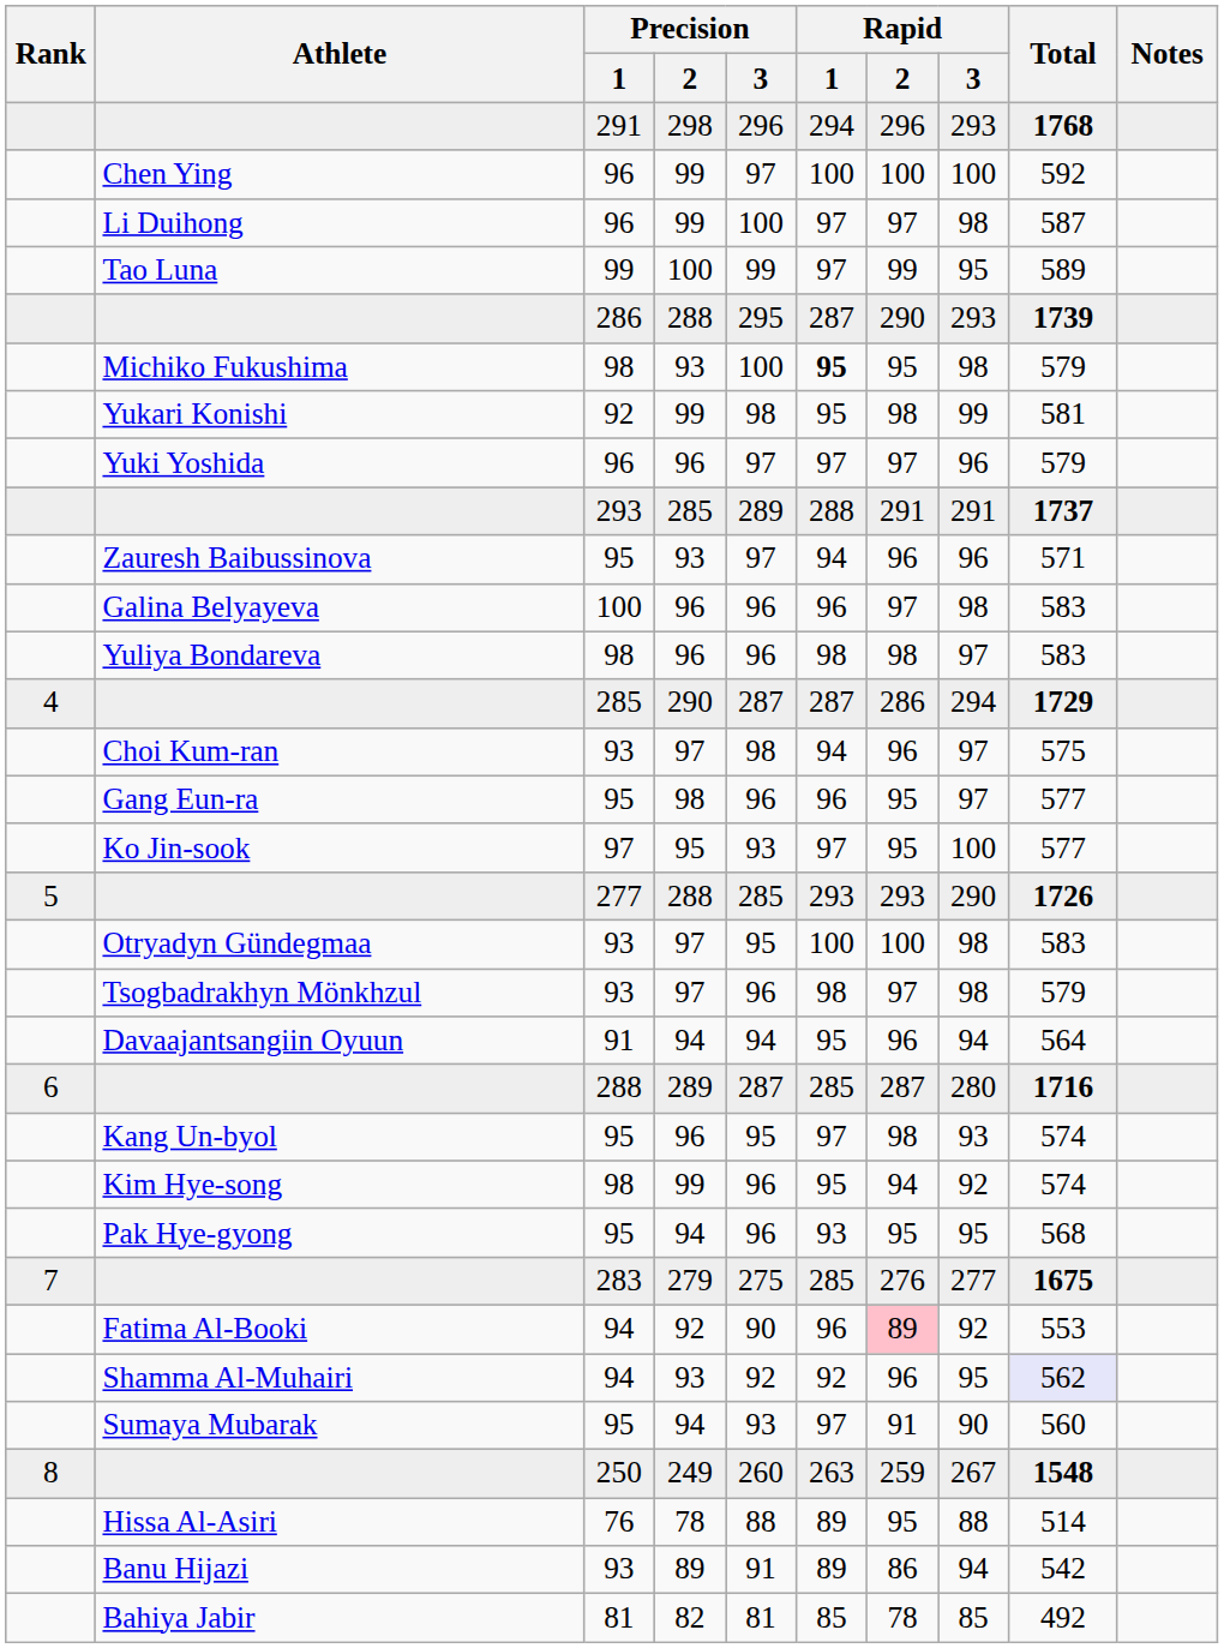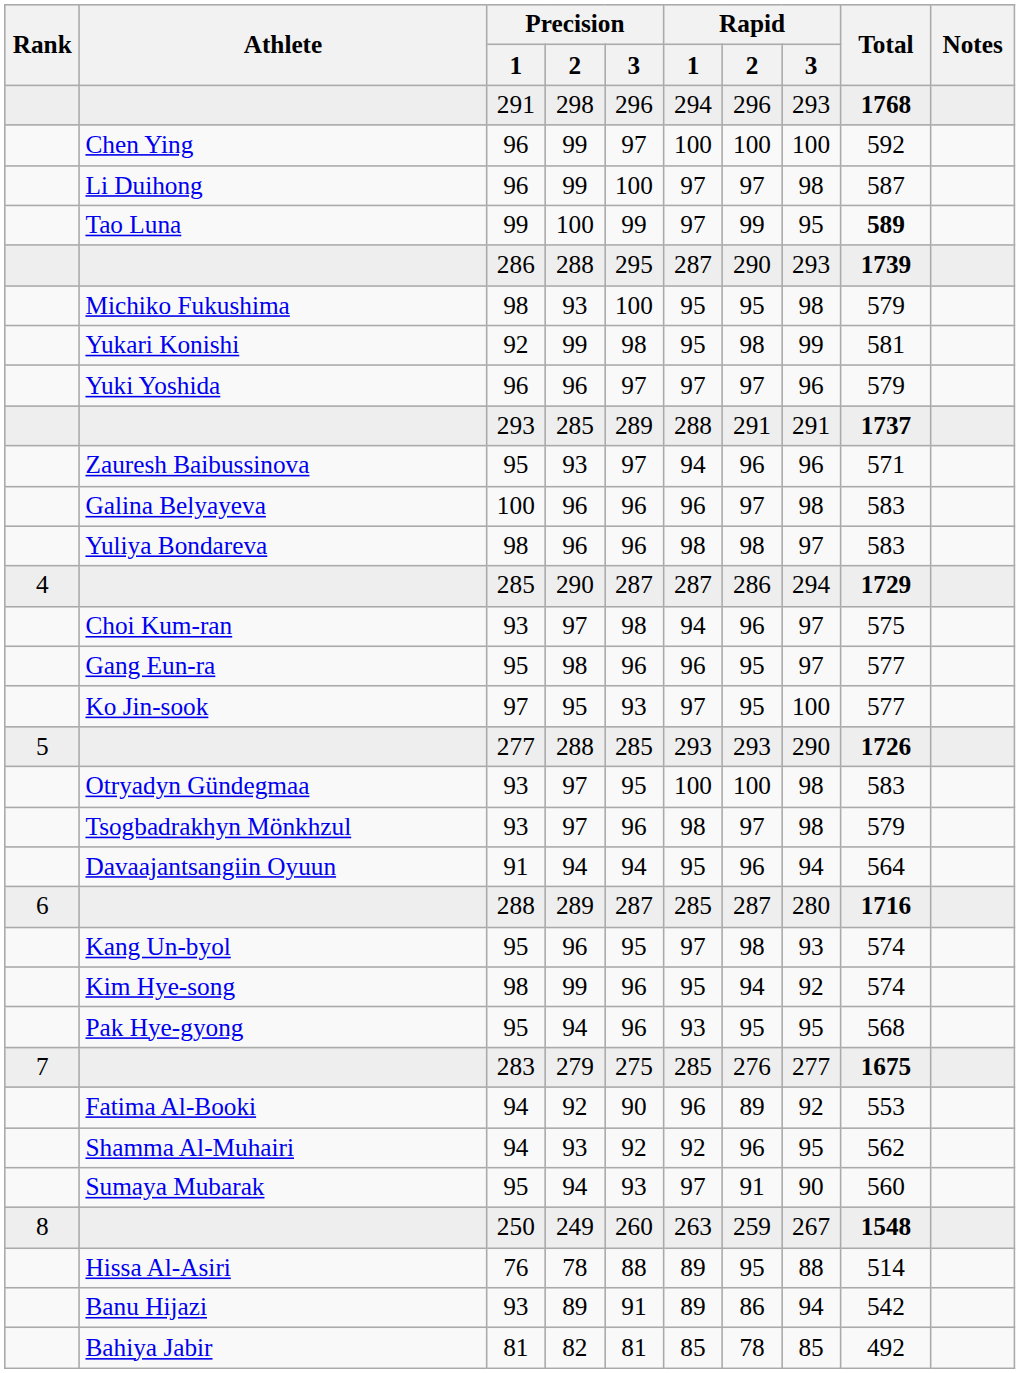 <table class="wikitable" style="text-align:center">
 <tr>
 <th rowspan=2 width=40>Rank</th>
 <th rowspan=2 width=250>Athlete</th>
 <th colspan=3>Precision</th>
 <th colspan=3>Rapid</th>
 <th rowspan=2 width=50>Total</th>
 <th rowspan=2 width=45>Notes</th>
 </tr>
 <tr>
 <th width=30>1</th>
 <th width=30>2</th>
 <th width=30>3</th>
 <th width=30>1</th>
 <th width=30>2</th>
 <th width=30>3</th>
 </tr>
 <tr bgcolor=eeeeee>
 <td></td>
 <td align=left></td>
 <td>291</td>
 <td>298</td>
 <td>296</td>
 <td>294</td>
 <td>296</td>
 <td>293</td>
 <td><strong>1768</strong></td>
 <td></td>
 </tr>
 <tr>
 <td></td>
 <td align=left><a href='#'>Chen Ying</a></td>
 <td>96</td>
 <td>99</td>
 <td>97</td>
 <td>100</td>
 <td>100</td>
 <td>100</td>
 <td>592</td>
 <td></td>
 </tr>
 <tr>
 <td></td>
 <td align=left><a href='#'>Li Duihong</a></td>
 <td>96</td>
 <td>99</td>
 <td>100</td>
 <td>97</td>
 <td>97</td>
 <td>98</td>
 <td>587</td>
 <td></td>
 </tr>
 <tr>
 <td></td>
 <td align=left><a href='#'>Tao Luna</a></td>
 <td>99</td>
 <td>100</td>
 <td>99</td>
 <td>97</td>
 <td>99</td>
 <td>95</td>
-<td>589</td>
+<td><strong>589</strong></td>
 <td></td>
 </tr>
 <tr bgcolor=eeeeee>
 <td></td>
 <td align=left></td>
 <td>286</td>
 <td>288</td>
 <td>295</td>
 <td>287</td>
 <td>290</td>
 <td>293</td>
 <td><strong>1739</strong></td>
 <td></td>
 </tr>
 <tr>
 <td></td>
 <td align=left><a href='#'>Michiko Fukushima</a></td>
 <td>98</td>
 <td>93</td>
 <td>100</td>
-<td><strong>95</strong></td>
+<td>95</td>
 <td>95</td>
 <td>98</td>
 <td>579</td>
 <td></td>
 </tr>
 <tr>
 <td></td>
 <td align=left><a href='#'>Yukari Konishi</a></td>
 <td>92</td>
 <td>99</td>
 <td>98</td>
 <td>95</td>
 <td>98</td>
 <td>99</td>
 <td>581</td>
 <td></td>
 </tr>
 <tr>
 <td></td>
 <td align=left><a href='#'>Yuki Yoshida</a></td>
 <td>96</td>
 <td>96</td>
 <td>97</td>
 <td>97</td>
 <td>97</td>
 <td>96</td>
 <td>579</td>
 </tr>
 <tr bgcolor=eeeeee>
 <td></td>
 <td align=left></td>
 <td>293</td>
 <td>285</td>
 <td>289</td>
 <td>288</td>
 <td>291</td>
 <td>291</td>
 <td><strong>1737</strong></td>
 <td></td>
 </tr>
 <tr>
 <td></td>
 <td align=left><a href='#'>Zauresh Baibussinova</a></td>
 <td>95</td>
 <td>93</td>
 <td>97</td>
 <td>94</td>
 <td>96</td>
 <td>96</td>
 <td>571</td>
 <td></td>
 </tr>
 <tr>
 <td></td>
 <td align=left><a href='#'>Galina Belyayeva</a></td>
 <td>100</td>
 <td>96</td>
 <td>96</td>
 <td>96</td>
 <td>97</td>
 <td>98</td>
 <td>583</td>
 <td></td>
 </tr>
 <tr>
 <td></td>
 <td align=left><a href='#'>Yuliya Bondareva</a></td>
 <td>98</td>
 <td>96</td>
 <td>96</td>
 <td>98</td>
 <td>98</td>
 <td>97</td>
 <td>583</td>
 <td></td>
 </tr>
 <tr bgcolor=eeeeee>
 <td>4</td>
 <td align=left></td>
 <td>285</td>
 <td>290</td>
 <td>287</td>
 <td>287</td>
 <td>286</td>
 <td>294</td>
 <td><strong>1729</strong></td>
 <td></td>
 </tr>
 <tr>
 <td></td>
 <td align=left><a href='#'>Choi Kum-ran</a></td>
 <td>93</td>
 <td>97</td>
 <td>98</td>
 <td>94</td>
 <td>96</td>
 <td>97</td>
 <td>575</td>
 <td></td>
 </tr>
 <tr>
 <td></td>
 <td align=left><a href='#'>Gang Eun-ra</a></td>
 <td>95</td>
 <td>98</td>
 <td>96</td>
 <td>96</td>
 <td>95</td>
 <td>97</td>
 <td>577</td>
 <td></td>
 </tr>
 <tr>
 <td></td>
 <td align=left><a href='#'>Ko Jin-sook</a></td>
 <td>97</td>
 <td>95</td>
 <td>93</td>
 <td>97</td>
 <td>95</td>
 <td>100</td>
 <td>577</td>
 <td></td>
 </tr>
 <tr bgcolor=eeeeee>
 <td>5</td>
 <td align=left></td>
 <td>277</td>
 <td>288</td>
 <td>285</td>
 <td>293</td>
 <td>293</td>
 <td>290</td>
 <td><strong>1726</strong></td>
 <td></td>
 </tr>
 <tr>
 <td></td>
 <td align=left><a href='#'>Otryadyn Gündegmaa</a></td>
 <td>93</td>
 <td>97</td>
 <td>95</td>
 <td>100</td>
 <td>100</td>
 <td>98</td>
 <td>583</td>
 <td></td>
 </tr>
 <tr>
 <td></td>
 <td align=left><a href='#'>Tsogbadrakhyn Mönkhzul</a></td>
 <td>93</td>
 <td>97</td>
 <td>96</td>
 <td>98</td>
 <td>97</td>
 <td>98</td>
 <td>579</td>
 <td></td>
 </tr>
 <tr>
 <td></td>
 <td align=left><a href='#'>Davaajantsangiin Oyuun</a></td>
 <td>91</td>
 <td>94</td>
 <td>94</td>
 <td>95</td>
 <td>96</td>
 <td>94</td>
 <td>564</td>
 <td></td>
 </tr>
 <tr bgcolor=eeeeee>
 <td>6</td>
 <td align=left></td>
 <td>288</td>
 <td>289</td>
 <td>287</td>
 <td>285</td>
 <td>287</td>
 <td>280</td>
 <td><strong>1716</strong></td>
 <td></td>
 </tr>
 <tr>
 <td></td>
 <td align=left><a href='#'>Kang Un-byol</a></td>
 <td>95</td>
 <td>96</td>
 <td>95</td>
 <td>97</td>
 <td>98</td>
 <td>93</td>
 <td>574</td>
 <td></td>
 </tr>
 <tr>
 <td></td>
 <td align=left><a href='#'>Kim Hye-song</a></td>
 <td>98</td>
 <td>99</td>
 <td>96</td>
 <td>95</td>
 <td>94</td>
 <td>92</td>
 <td>574</td>
 <td></td>
 </tr>
 <tr>
 <td></td>
 <td align=left><a href='#'>Pak Hye-gyong</a></td>
 <td>95</td>
 <td>94</td>
 <td>96</td>
 <td>93</td>
 <td>95</td>
 <td>95</td>
 <td>568</td>
 <td></td>
 </tr>
 <tr bgcolor=eeeeee>
 <td>7</td>
 <td align=left></td>
 <td>283</td>
 <td>279</td>
 <td>275</td>
 <td>285</td>
 <td>276</td>
 <td>277</td>
 <td><strong>1675</strong></td>
 <td></td>
 </tr>
 <tr>
 <td></td>
 <td align=left><a href='#'>Fatima Al-Booki</a></td>
 <td>94</td>
 <td>92</td>
 <td>90</td>
 <td>96</td>
-<td style="background: pink;">89</td>
+<td>89</td>
 <td>92</td>
 <td>553</td>
 <td></td>
 </tr>
 <tr>
 <td></td>
 <td align=left><a href='#'>Shamma Al-Muhairi</a></td>
 <td>94</td>
 <td>93</td>
 <td>92</td>
 <td>92</td>
 <td>96</td>
 <td>95</td>
-<td style="background: lavender;">562</td>
+<td>562</td>
 <td></td>
 </tr>
 <tr>
 <td></td>
 <td align=left><a href='#'>Sumaya Mubarak</a></td>
 <td>95</td>
 <td>94</td>
 <td>93</td>
 <td>97</td>
 <td>91</td>
 <td>90</td>
 <td>560</td>
 <td></td>
 </tr>
 <tr bgcolor=eeeeee>
 <td>8</td>
 <td align=left></td>
 <td>250</td>
 <td>249</td>
 <td>260</td>
 <td>263</td>
 <td>259</td>
 <td>267</td>
 <td><strong>1548</strong></td>
 <td></td>
 </tr>
 <tr>
 <td></td>
 <td align=left><a href='#'>Hissa Al-Asiri</a></td>
 <td>76</td>
 <td>78</td>
 <td>88</td>
 <td>89</td>
 <td>95</td>
 <td>88</td>
 <td>514</td>
 <td></td>
 </tr>
 <tr>
 <td></td>
 <td align=left><a href='#'>Banu Hijazi</a></td>
 <td>93</td>
 <td>89</td>
 <td>91</td>
 <td>89</td>
 <td>86</td>
 <td>94</td>
 <td>542</td>
 <td></td>
 </tr>
 <tr>
 <td></td>
 <td align=left><a href='#'>Bahiya Jabir</a></td>
 <td>81</td>
 <td>82</td>
 <td>81</td>
 <td>85</td>
 <td>78</td>
 <td>85</td>
 <td>492</td>
 <td></td>
 </tr>
 </table>
